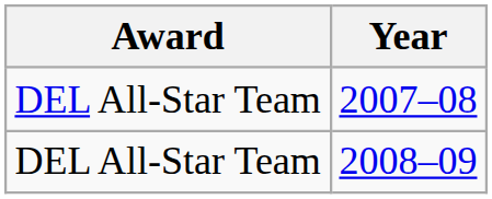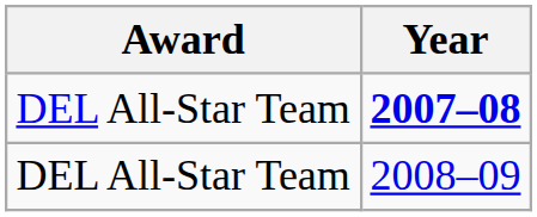 <table class="wikitable">
 <tr>
 <th>Award</th>
 <th>Year</th>
 </tr>
 <tr>
 <td><a href='#'>DEL</a> All-Star Team</td>
-<td><a href='#'>2007–08</a></td>
+<td><strong><a href='#'>2007–08</a></strong></td>
 </tr>
 <tr>
 <td>DEL All-Star Team</td>
 <td><a href='#'>2008–09</a></td>
 </tr>
 </table>
